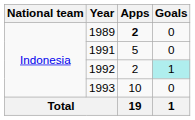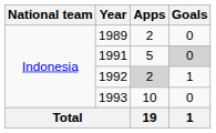 <table class="wikitable" style="text-align:center">
 <tr>
 <th>National team</th>
 <th>Year</th>
 <th>Apps</th>
 <th>Goals</th>
 </tr>
 <tr>
 <td rowspan="4"><a href='#'>Indonesia</a></td>
 <td>1989</td>
-<td><strong>2</strong></td>
+<td>2</td>
 <td>0</td>
 </tr>
 <tr>
 <td>1991</td>
 <td>5</td>
-<td>0</td>
+<td style="background: lightgrey;">0</td>
 </tr>
 <tr>
 <td>1992</td>
-<td>2</td>
-<td style="background: paleturquoise;">1</td>
+<td style="background: lightgrey;">2</td>
+<td>1</td>
 </tr>
 <tr>
 <td>1993</td>
 <td>10</td>
 <td>0</td>
 </tr>
 <tr>
 <th colspan="2">Total</th>
 <th>19</th>
 <th>1</th>
 </tr>
 </table>
